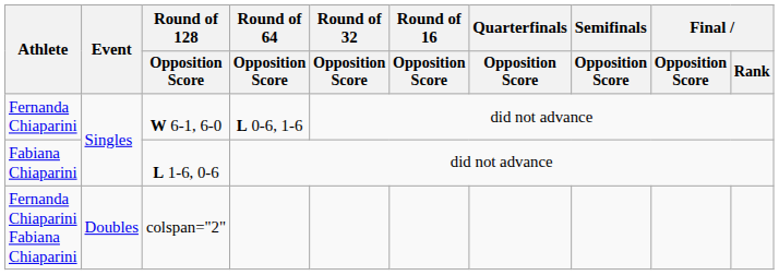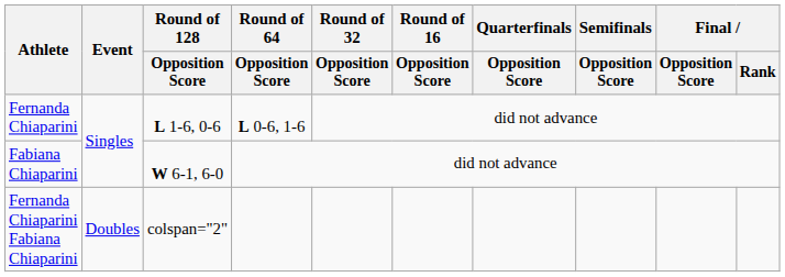 <table class=wikitable style="font-size:90%">
 <tr>
 <th rowspan="2">Athlete</th>
 <th rowspan="2">Event</th>
 <th>Round of 128</th>
 <th>Round of 64</th>
 <th>Round of 32</th>
 <th>Round of 16</th>
 <th>Quarterfinals</th>
 <th>Semifinals</th>
 <th colspan=2>Final / </th>
 </tr>
 <tr style="font-size:95%">
 <th>Opposition<br>Score</th>
 <th>Opposition<br>Score</th>
 <th>Opposition<br>Score</th>
 <th>Opposition<br>Score</th>
 <th>Opposition<br>Score</th>
 <th>Opposition<br>Score</th>
 <th>Opposition<br>Score</th>
 <th>Rank</th>
 </tr>
 <tr align=center>
 <td align=left><a href='#'>Fernanda Chiaparini</a></td>
 <td align=left rowspan="2"><a href='#'>Singles</a></td>
-<td><br><strong>W</strong> 6-1, 6-0</td>
+<td><br><strong>L</strong> 1-6, 0-6</td>
 <td><br><strong>L</strong> 0-6, 1-6</td>
 <td colspan="6">did not advance</td>
 </tr>
 <tr align=center>
 <td align=left><a href='#'>Fabiana Chiaparini</a></td>
-<td><br><strong>L</strong> 1-6, 0-6</td>
+<td><br><strong>W</strong> 6-1, 6-0</td>
 <td colspan="7">did not advance</td>
 </tr>
 <tr align=center>
 <td align=left><a href='#'>Fernanda Chiaparini</a><br><a href='#'>Fabiana Chiaparini</a></td>
 <td align=left rowspan="2"><a href='#'>Doubles</a></td>
 <td>colspan="2" </td>
 <td></td>
 <td></td>
 <td></td>
 <td></td>
 <td></td>
 <td></td>
 </tr>
 </table>
